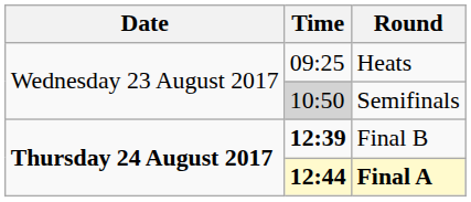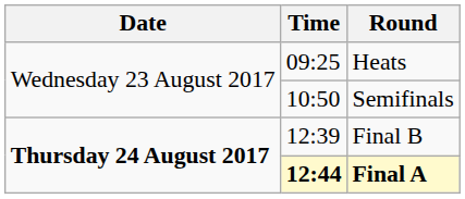 <table class="wikitable">
 <tr>
 <th>Date</th>
 <th>Time</th>
 <th>Round</th>
 </tr>
 <tr>
 <td rowspan=2>Wednesday 23 August 2017</td>
 <td>09:25</td>
 <td>Heats</td>
 </tr>
 <tr>
-<td style="background: lightgrey;">10:50</td>
+<td>10:50</td>
 <td>Semifinals</td>
 </tr>
 <tr>
 <td rowspan=2><strong>Thursday 24 August 2017</strong></td>
-<td><strong>12:39</strong></td>
+<td>12:39</td>
 <td>Final B</td>
 </tr>
 <tr>
 <td style=background:lemonchiffon><strong>12:44</strong></td>
 <td style=background:lemonchiffon><strong>Final A</strong></td>
 </tr>
 </table>
